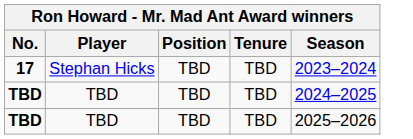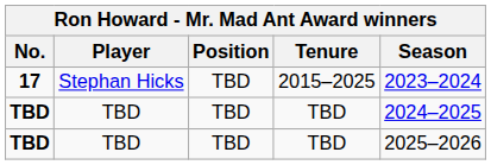 <table class="wikitable sortable" style="text-align:center">
 <tr>
 <th colspan="5">Ron Howard - Mr. Mad Ant Award winners</th>
 </tr>
 <tr>
 <th>No.</th>
 <th>Player</th>
 <th>Position</th>
 <th>Tenure</th>
 <th>Season</th>
 </tr>
 <tr>
 <td><strong>17</strong></td>
 <td><a href='#'>Stephan Hicks</a></td>
 <td>TBD</td>
-<td>TBD</td>
+<td>2015–2025</td>
 <td><a href='#'>2023–2024</a></td>
 </tr>
 <tr>
 <td><strong>TBD</strong></td>
 <td>TBD</td>
 <td>TBD</td>
 <td>TBD</td>
 <td><a href='#'>2024–2025</a></td>
 </tr>
 <tr>
 <td><strong>TBD</strong></td>
 <td>TBD</td>
 <td>TBD</td>
 <td>TBD</td>
 <td>2025–2026</td>
 </tr>
 </table>
